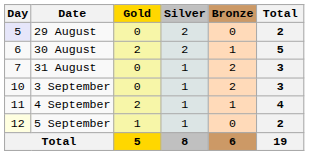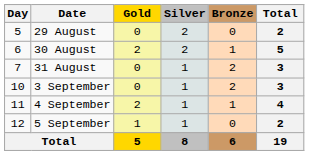 <table class="wikitable sortable collapsible" style="font-size:85%; text-align:center;">
 <tr>
 <th>Day</th>
 <th>Date</th>
 <th width=40 style="background-color:gold;">Gold</th>
 <th width=40 style="background-color:silver;">Silver</th>
 <th width=40 style="background-color:#c96;">Bronze</th>
 <th width=40>Total</th>
 </tr>
 <tr>
-<td style="background: lavender;">5</td>
+<td>5</td>
 <td align=left>29 August</td>
 <td style="background:#f7f6a8;">0</td>
 <td style="background:#dce5e5;">2</td>
 <td style="background:#ffdab9;">0</td>
 <th>2</th>
 </tr>
 <tr>
 <td>6</td>
 <td align=left>30 August</td>
 <td style="background:#f7f6a8;">2</td>
 <td style="background:#dce5e5;">2</td>
 <td style="background:#ffdab9;">1</td>
 <th>5</th>
 </tr>
 <tr>
 <td>7</td>
 <td align=left>31 August</td>
 <td style="background:#f7f6a8;">0</td>
 <td style="background:#dce5e5;">1</td>
 <td style="background:#ffdab9;">2</td>
 <th>3</th>
 </tr>
 <tr>
 <td>10</td>
 <td align=left>3 September</td>
 <td style="background:#f7f6a8;">0</td>
 <td style="background:#dce5e5;">1</td>
 <td style="background:#ffdab9;">2</td>
 <th>3</th>
 </tr>
 <tr>
 <td>11</td>
 <td align=left>4 September</td>
 <td style="background:#f7f6a8;">2</td>
 <td style="background:#dce5e5;">1</td>
 <td style="background:#ffdab9;">1</td>
 <th>4</th>
 </tr>
 <tr>
-<td style="background: lightyellow;">12</td>
+<td>12</td>
 <td align=left>5 September</td>
 <td style="background:#f7f6a8;">1</td>
 <td style="background:#dce5e5;">1</td>
 <td style="background:#ffdab9;">0</td>
 <th>2</th>
 </tr>
 <tr>
 <th colspan="2">Total</th>
 <th style="background:gold">5</th>
 <th style="background:silver">8</th>
 <th style="background:#c96">6</th>
 <th>19</th>
 </tr>
 </table>
